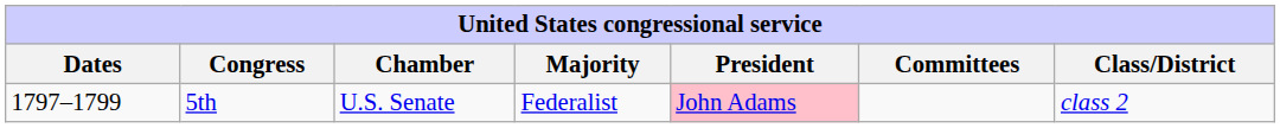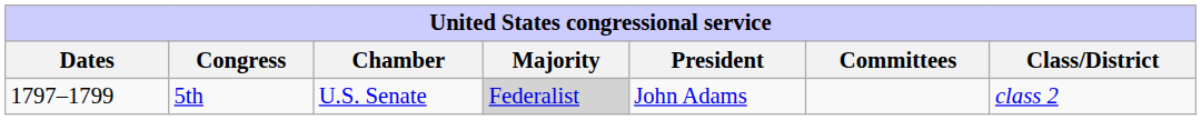 <table class=wikitable style="width: 94%" style="text-align: center;" align="center">
 <tr bgcolor=#cccccc>
 <th colspan=7 style="background: #ccccff;">United States congressional service</th>
 </tr>
 <tr>
 <th><strong>Dates</strong></th>
 <th><strong>Congress</strong></th>
 <th><strong>Chamber</strong></th>
 <th><strong>Majority</strong></th>
 <th><strong>President</strong></th>
 <th><strong>Committees</strong></th>
 <th><strong>Class/District</strong></th>
 </tr>
 <tr>
 <td>1797–1799</td>
 <td><a href='#'>5th</a></td>
 <td><a href='#'>U.S. Senate</a></td>
-<td><a href='#'>Federalist</a></td>
-<td style="background: pink;"><a href='#'>John Adams</a></td>
+<td style="background: lightgrey;"><a href='#'>Federalist</a></td>
+<td><a href='#'>John Adams</a></td>
 <td></td>
 <td><a href='#'><em>class 2</em></a></td>
 </tr>
 </table>
